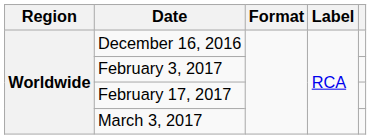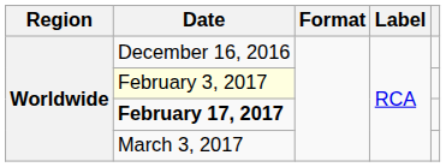 <table class="wikitable plainrowheaders unsortable">
 <tr>
 <th>Region</th>
 <th>Date</th>
 <th>Format</th>
 <th>Label</th>
 <th></th>
 </tr>
 <tr>
 <th scope="row" rowspan="4">Worldwide</th>
 <td scope="row">December 16, 2016 </td>
 <td scope="row" rowspan="4"></td>
 <td scope="row" rowspan="4"><a href='#'>RCA</a></td>
 <td></td>
 </tr>
 <tr>
-<td scope="row">February 3, 2017</td>
+<td scope="row" style="background: lightyellow;">February 3, 2017</td>
 <td></td>
 </tr>
 <tr>
-<td scope="row">February 17, 2017 </td>
+<td scope="row"><strong>February 17, 2017 </strong></td>
 <td></td>
 </tr>
 <tr>
 <td scope="row">March 3, 2017 </td>
 <td></td>
 </tr>
 </table>
